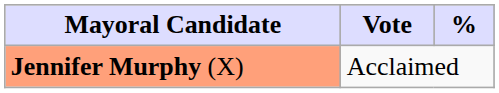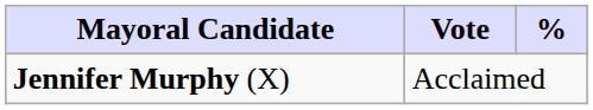 <table class="wikitable">
 <tr>
 <th style="background:#ddf; width:200px;">Mayoral Candidate</th>
 <th style="background:#ddf; width:50px;">Vote</th>
 <th style="background:#ddf; width:30px;">%</th>
 </tr>
 <tr>
-<td style="background: lightsalmon;"><strong>Jennifer Murphy</strong> (X)</td>
+<td><strong>Jennifer Murphy</strong> (X)</td>
 <td colspan="2">Acclaimed</td>
 </tr>
 </table>
